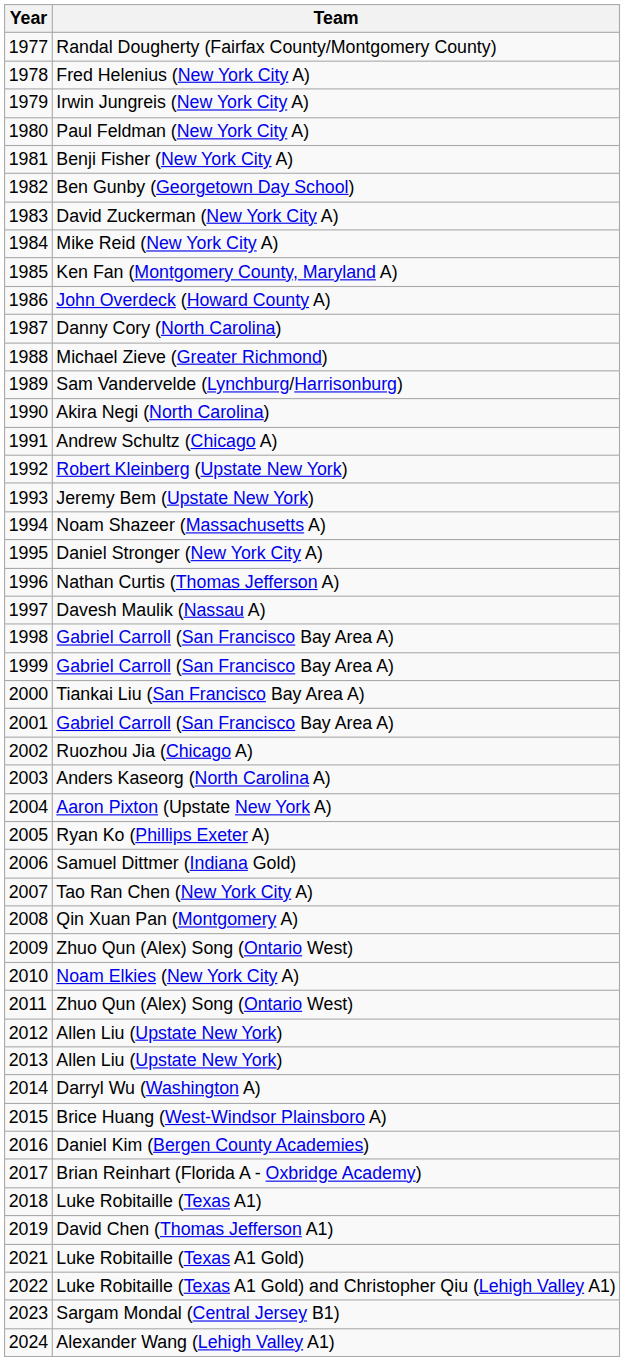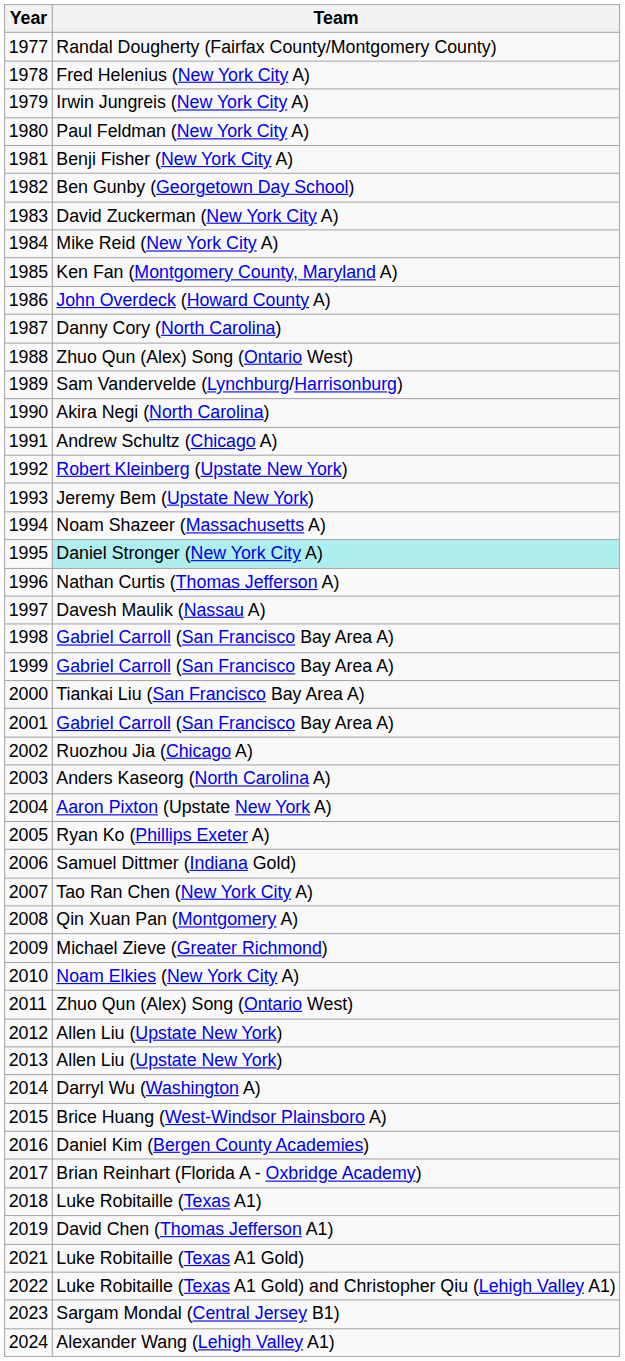 <table class="wikitable">
 <tr>
 <th>Year</th>
 <th>Team</th>
 </tr>
 <tr>
 <td>1977</td>
 <td>Randal Dougherty (Fairfax County/Montgomery County)</td>
 </tr>
 <tr>
 <td>1978</td>
 <td>Fred Helenius (<a href='#'>New York City</a> A)</td>
 </tr>
 <tr>
 <td>1979</td>
 <td>Irwin Jungreis (<a href='#'>New York City</a> A)</td>
 </tr>
 <tr>
 <td>1980</td>
 <td>Paul Feldman (<a href='#'>New York City</a> A)</td>
 </tr>
 <tr>
 <td>1981</td>
 <td>Benji Fisher (<a href='#'>New York City</a> A)</td>
 </tr>
 <tr>
 <td>1982</td>
 <td>Ben Gunby (<a href='#'>Georgetown Day School</a>)</td>
 </tr>
 <tr>
 <td>1983</td>
 <td>David Zuckerman (<a href='#'>New York City</a> A)</td>
 </tr>
 <tr>
 <td>1984</td>
 <td>Mike Reid (<a href='#'>New York City</a> A)</td>
 </tr>
 <tr>
 <td>1985</td>
 <td>Ken Fan (<a href='#'>Montgomery County, Maryland</a> A)</td>
 </tr>
 <tr>
 <td>1986</td>
 <td><a href='#'>John Overdeck</a> (<a href='#'>Howard County</a> A)</td>
 </tr>
 <tr>
 <td>1987</td>
 <td>Danny Cory       (<a href='#'>North Carolina</a>)</td>
 </tr>
 <tr>
 <td>1988</td>
-<td>Michael Zieve (<a href='#'>Greater Richmond</a>)</td>
+<td>Zhuo Qun (Alex) Song (<a href='#'>Ontario</a> West)</td>
 </tr>
 <tr>
 <td>1989</td>
 <td>Sam Vandervelde (<a href='#'>Lynchburg</a>/<a href='#'>Harrisonburg</a>)</td>
 </tr>
 <tr>
 <td>1990</td>
 <td>Akira Negi (<a href='#'>North Carolina</a>)</td>
 </tr>
 <tr>
 <td>1991</td>
 <td>Andrew Schultz (<a href='#'>Chicago</a> A)</td>
 </tr>
 <tr>
 <td>1992</td>
 <td><a href='#'>Robert Kleinberg</a> (<a href='#'>Upstate New York</a>)</td>
 </tr>
 <tr>
 <td>1993</td>
 <td>Jeremy Bem (<a href='#'>Upstate New York</a>)</td>
 </tr>
 <tr>
 <td>1994</td>
 <td>Noam Shazeer (<a href='#'>Massachusetts</a> A)</td>
 </tr>
 <tr>
 <td>1995</td>
-<td>Daniel Stronger (<a href='#'>New York City</a> A)</td>
+<td style="background: paleturquoise;">Daniel Stronger (<a href='#'>New York City</a> A)</td>
 </tr>
 <tr>
 <td>1996</td>
 <td>Nathan Curtis (<a href='#'>Thomas Jefferson</a> A)</td>
 </tr>
 <tr>
 <td>1997</td>
 <td>Davesh Maulik (<a href='#'>Nassau</a> A)</td>
 </tr>
 <tr>
 <td>1998</td>
 <td><a href='#'>Gabriel Carroll</a> (<a href='#'>San Francisco</a> Bay Area A)</td>
 </tr>
 <tr>
 <td>1999</td>
 <td><a href='#'>Gabriel Carroll</a> (<a href='#'>San Francisco</a> Bay Area A)</td>
 </tr>
 <tr>
 <td>2000</td>
 <td>Tiankai Liu (<a href='#'>San Francisco</a> Bay Area A)</td>
 </tr>
 <tr>
 <td>2001</td>
 <td><a href='#'>Gabriel Carroll</a> (<a href='#'>San Francisco</a> Bay Area A)</td>
 </tr>
 <tr>
 <td>2002</td>
 <td>Ruozhou Jia (<a href='#'>Chicago</a> A)</td>
 </tr>
 <tr>
 <td>2003</td>
 <td>Anders Kaseorg (<a href='#'>North Carolina</a> A)</td>
 </tr>
 <tr>
 <td>2004</td>
 <td><a href='#'>Aaron Pixton</a> (Upstate <a href='#'>New York</a> A)</td>
 </tr>
 <tr>
 <td>2005</td>
 <td>Ryan Ko (<a href='#'>Phillips Exeter</a> A)</td>
 </tr>
 <tr>
 <td>2006</td>
 <td>Samuel Dittmer (<a href='#'>Indiana</a> Gold)</td>
 </tr>
 <tr>
 <td>2007</td>
 <td>Tao Ran Chen (<a href='#'>New York City</a> A)</td>
 </tr>
 <tr>
 <td>2008</td>
 <td>Qin Xuan Pan (<a href='#'>Montgomery</a> A)</td>
 </tr>
 <tr>
 <td>2009</td>
-<td>Zhuo Qun (Alex) Song (<a href='#'>Ontario</a> West)</td>
+<td>Michael Zieve (<a href='#'>Greater Richmond</a>)</td>
 </tr>
 <tr>
 <td>2010</td>
 <td><a href='#'>Noam Elkies</a> (<a href='#'>New York City</a> A)</td>
 </tr>
 <tr>
 <td>2011</td>
 <td>Zhuo Qun (Alex) Song (<a href='#'>Ontario</a> West)</td>
 </tr>
 <tr>
 <td>2012</td>
 <td>Allen Liu (<a href='#'>Upstate New York</a>)</td>
 </tr>
 <tr>
 <td>2013</td>
 <td>Allen Liu (<a href='#'>Upstate New York</a>)</td>
 </tr>
 <tr>
 <td>2014</td>
 <td>Darryl Wu (<a href='#'>Washington</a> A)</td>
 </tr>
 <tr>
 <td>2015</td>
 <td>Brice Huang (<a href='#'>West-Windsor Plainsboro</a> A)</td>
 </tr>
 <tr>
 <td>2016</td>
 <td>Daniel Kim (<a href='#'>Bergen County Academies</a>)</td>
 </tr>
 <tr>
 <td>2017</td>
 <td>Brian Reinhart (Florida A - <a href='#'>Oxbridge Academy</a>)</td>
 </tr>
 <tr>
 <td>2018</td>
 <td>Luke Robitaille (<a href='#'>Texas</a> A1)</td>
 </tr>
 <tr>
 <td>2019</td>
 <td>David Chen (<a href='#'>Thomas Jefferson</a> A1)</td>
 </tr>
 <tr>
 <td>2021</td>
 <td>Luke Robitaille (<a href='#'>Texas</a> A1 Gold)</td>
 </tr>
 <tr>
 <td>2022</td>
 <td>Luke Robitaille (<a href='#'>Texas</a> A1 Gold) and Christopher Qiu (<a href='#'>Lehigh Valley</a> A1)</td>
 </tr>
 <tr>
 <td>2023</td>
 <td>Sargam Mondal (<a href='#'>Central Jersey</a> B1)</td>
 </tr>
 <tr>
 <td>2024</td>
 <td>Alexander Wang (<a href='#'>Lehigh Valley</a> A1)</td>
 </tr>
 </table>
